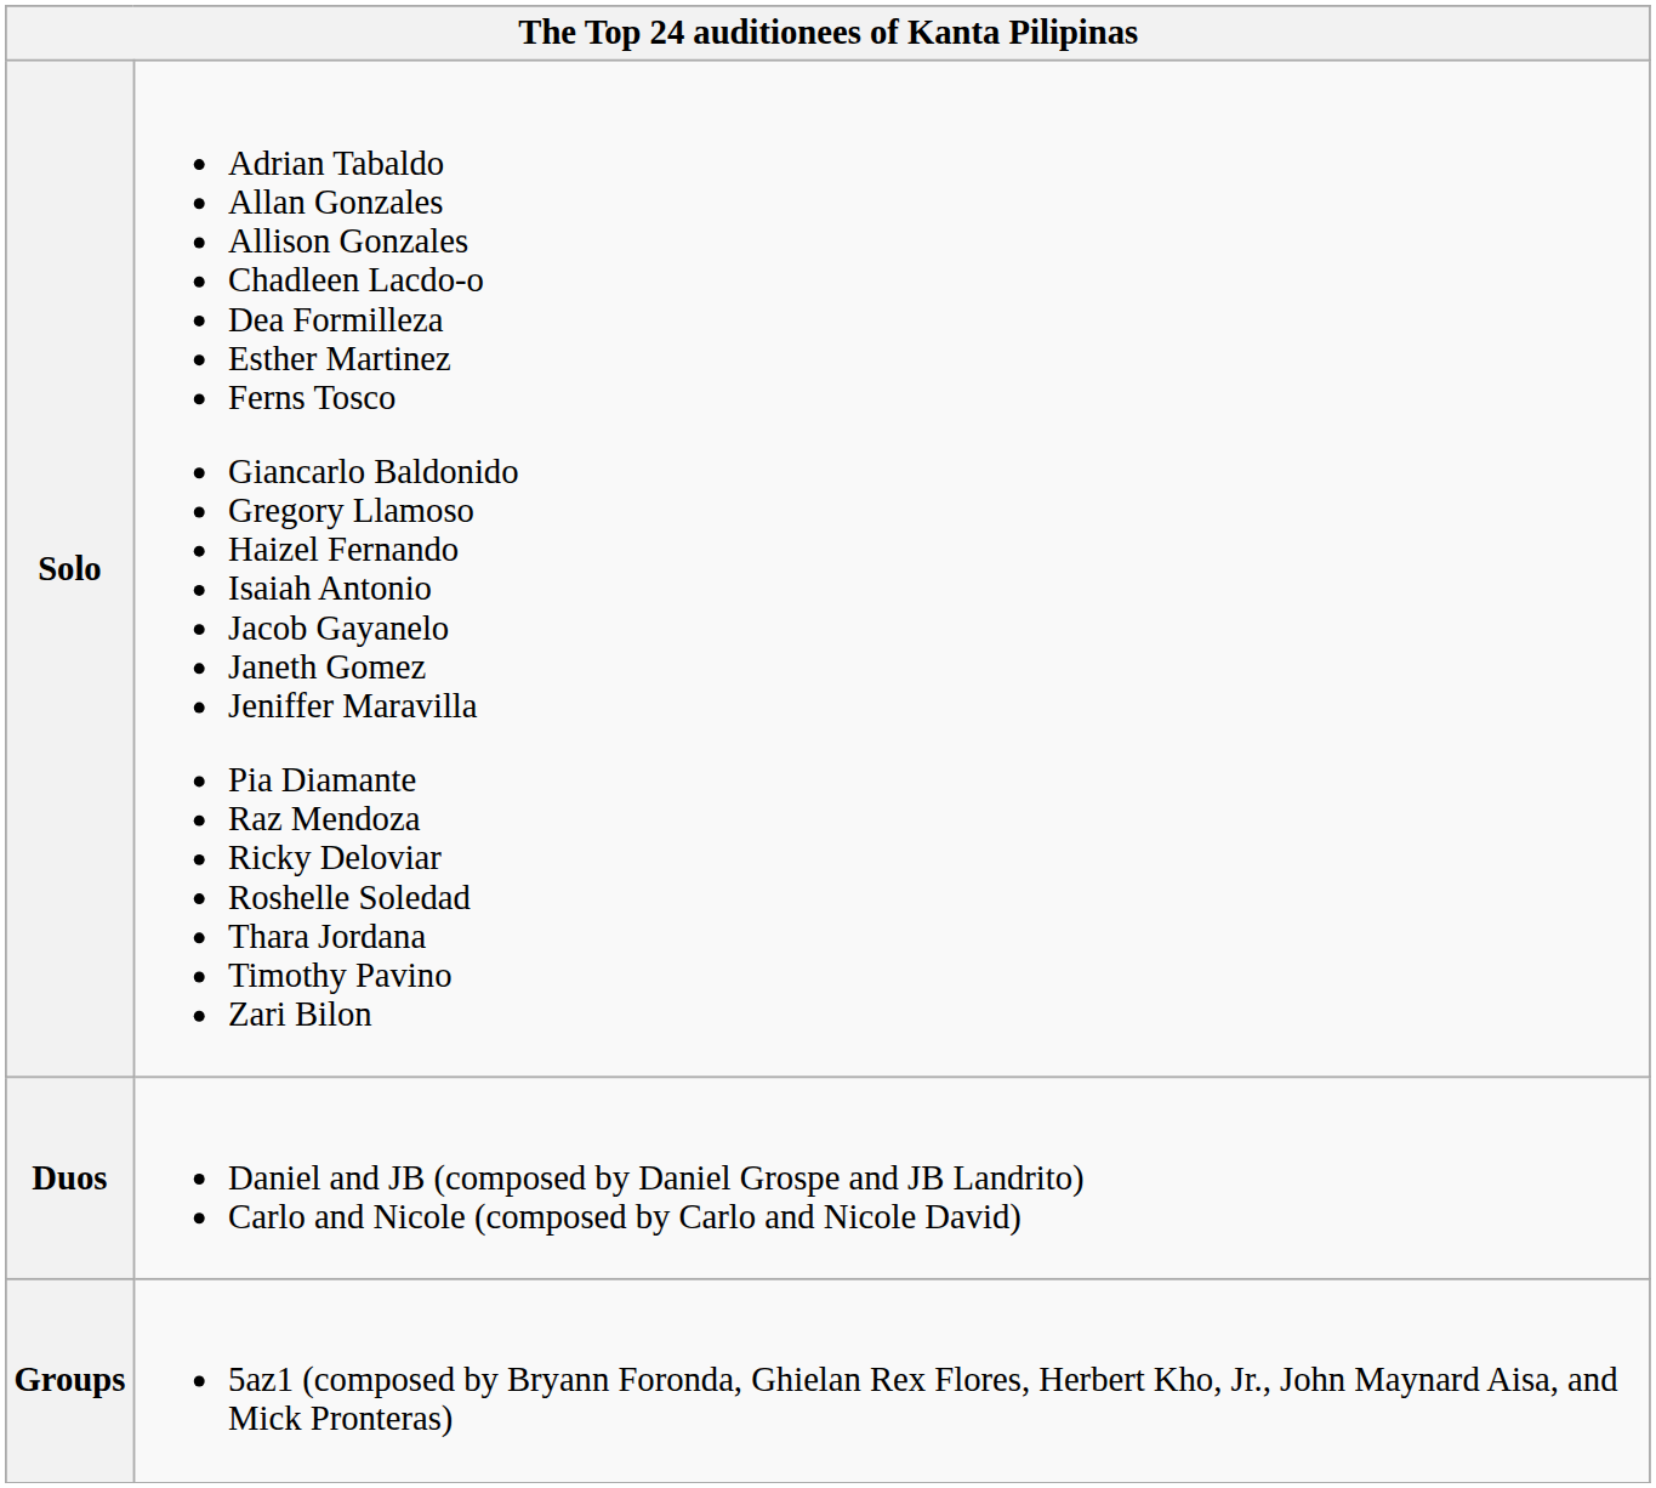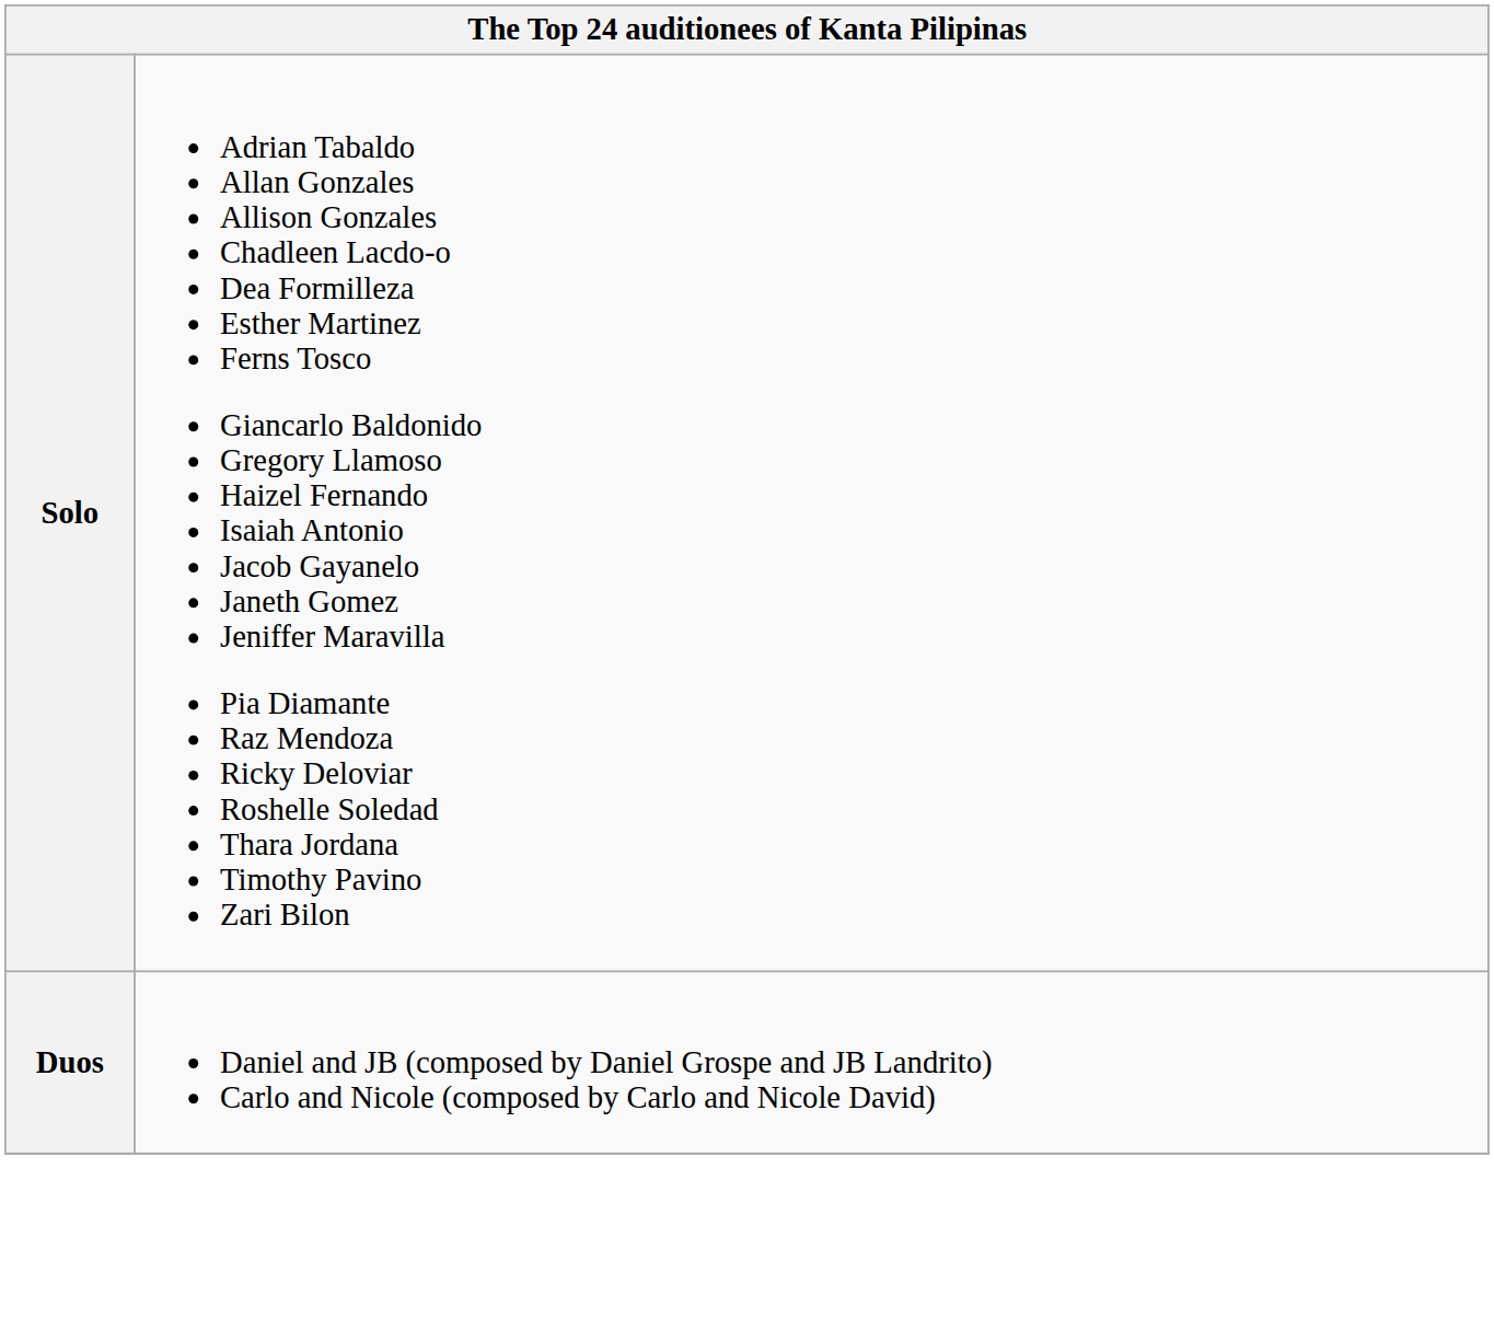 <table class="wikitable" style="font-size: 100%" width="60%">
 <tr>
 <th colspan="2">The Top 24 auditionees of Kanta Pilipinas</th>
 </tr>
 <tr>
 <th>Solo</th>
 <td><br> <ul><li>Adrian Tabaldo</li><li>Allan Gonzales</li><li>Allison Gonzales</li><li>Chadleen Lacdo-o</li><li>Dea Formilleza</li><li>Esther Martinez</li><li>Ferns Tosco</li></ul><ul><li>Giancarlo Baldonido</li><li>Gregory Llamoso</li><li>Haizel Fernando</li><li>Isaiah Antonio</li><li>Jacob Gayanelo</li><li>Janeth Gomez</li><li>Jeniffer Maravilla</li></ul><ul><li>Pia Diamante</li><li>Raz Mendoza</li><li>Ricky Deloviar</li><li>Roshelle Soledad</li><li>Thara Jordana</li><li>Timothy Pavino</li><li>Zari Bilon</li></ul> </td>
 </tr>
 <tr>
 <th>Duos</th>
 <td><br><ul><li>Daniel and JB (composed by Daniel Grospe and JB Landrito)</li><li>Carlo and Nicole (composed by Carlo and Nicole David)</li></ul></td>
 </tr>
 <tr>
-<th>Groups</th>
-<td><br><ul><li>5az1 (composed by Bryann Foronda, Ghielan Rex Flores, Herbert Kho, Jr., John Maynard Aisa, and Mick Pronteras)</li></ul></td>
-</tr>
-<tr>
 </tr>
 </table>
